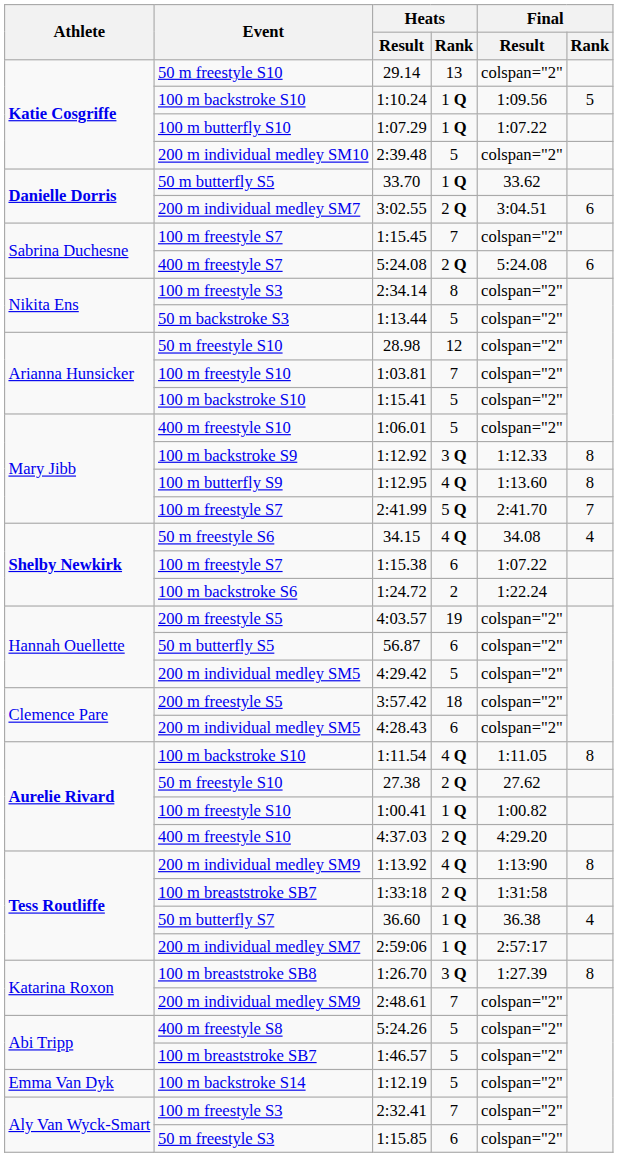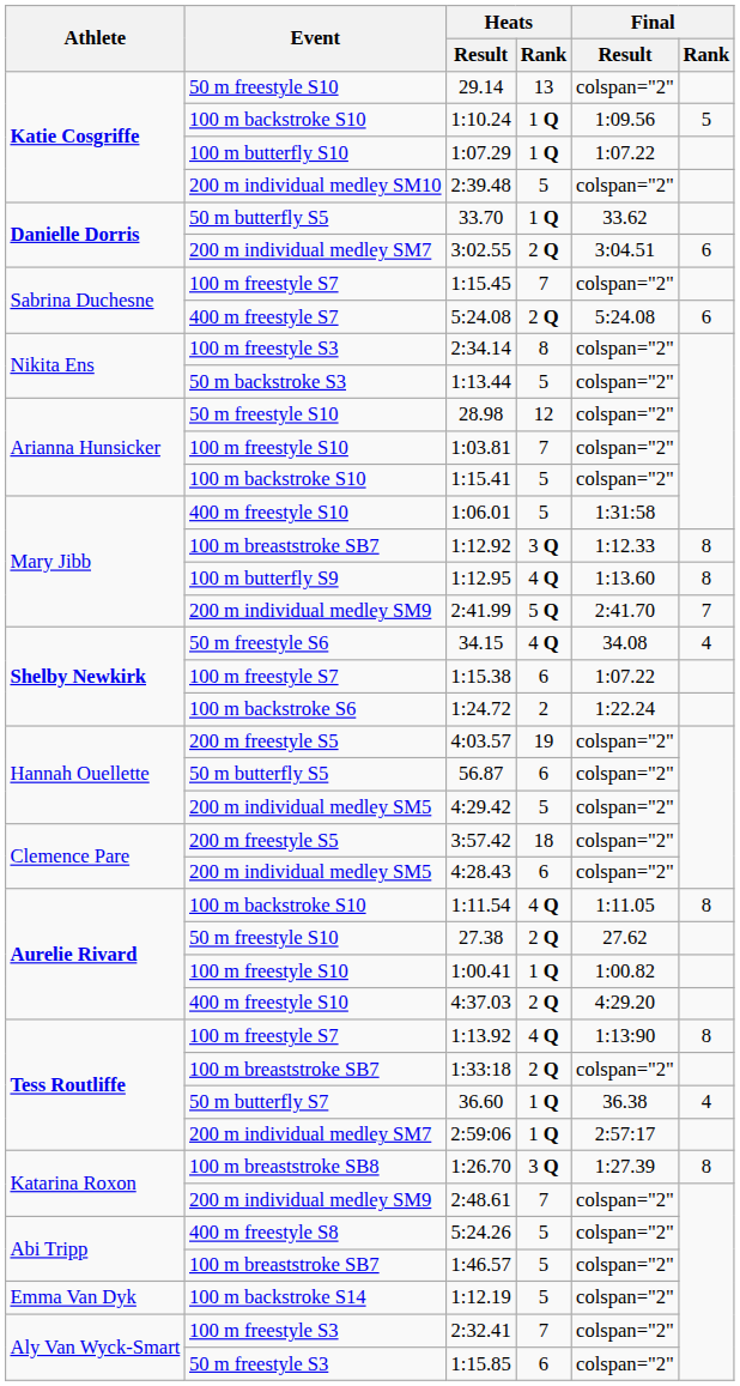 <table class=wikitable style="font-size:90%">
 <tr>
 <th rowspan="2">Athlete</th>
 <th rowspan="2">Event</th>
 <th colspan="2">Heats</th>
 <th colspan="2">Final</th>
 </tr>
 <tr>
 <th>Result</th>
 <th>Rank</th>
 <th>Result</th>
 <th>Rank</th>
 </tr>
 <tr align=center>
 <td align="left" rowspan=4><strong><a href='#'>Katie Cosgriffe</a></strong></td>
 <td align=left><a href='#'>50 m freestyle S10</a></td>
 <td>29.14</td>
 <td>13</td>
 <td>colspan="2"</td>
 </tr>
 <tr align=center>
 <td align=left><a href='#'>100 m backstroke S10</a></td>
 <td>1:10.24</td>
 <td>1 <strong>Q</strong></td>
 <td>1:09.56</td>
 <td>5</td>
 </tr>
 <tr align=center>
 <td align=left><a href='#'>100 m butterfly S10</a></td>
 <td>1:07.29</td>
 <td>1 <strong>Q</strong></td>
 <td>1:07.22</td>
 <td></td>
 </tr>
 <tr align=center>
 <td align=left><a href='#'>200 m individual medley SM10</a></td>
 <td>2:39.48</td>
 <td>5</td>
 <td>colspan="2"</td>
 </tr>
 <tr align=center>
 <td align=left rowspan=2><strong><a href='#'>Danielle Dorris</a></strong></td>
 <td align=left><a href='#'>50 m butterfly S5</a></td>
 <td>33.70</td>
 <td>1 <strong>Q</strong></td>
 <td>33.62</td>
 <td></td>
 </tr>
 <tr align=center>
 <td align=left><a href='#'>200 m individual medley SM7</a></td>
 <td>3:02.55</td>
 <td>2 <strong>Q</strong></td>
 <td>3:04.51</td>
 <td>6</td>
 </tr>
 <tr align=center>
 <td align=left rowspan=2><a href='#'>Sabrina Duchesne</a></td>
 <td align=left><a href='#'>100 m freestyle S7</a></td>
 <td>1:15.45</td>
 <td>7</td>
 <td>colspan="2"</td>
 </tr>
 <tr align=center>
 <td align=left><a href='#'>400 m freestyle S7</a></td>
 <td>5:24.08</td>
 <td>2 <strong>Q</strong></td>
 <td>5:24.08</td>
 <td>6</td>
 </tr>
 <tr align=center>
 <td align=left rowspan=2><a href='#'>Nikita Ens</a></td>
 <td align=left><a href='#'>100 m freestyle S3</a></td>
 <td>2:34.14</td>
 <td>8</td>
 <td>colspan="2"</td>
 </tr>
 <tr align=center>
 <td align=left><a href='#'>50 m backstroke S3</a></td>
 <td>1:13.44</td>
 <td>5</td>
 <td>colspan="2"</td>
 </tr>
 <tr align=center>
 <td align=left rowspan=3><a href='#'>Arianna Hunsicker</a></td>
 <td align=left><a href='#'>50 m freestyle S10</a></td>
 <td>28.98</td>
 <td>12</td>
 <td>colspan="2"</td>
 </tr>
 <tr align=center>
 <td align=left><a href='#'>100 m freestyle S10</a></td>
 <td>1:03.81</td>
 <td>7</td>
 <td>colspan="2"</td>
 </tr>
 <tr align=center>
 <td align=left><a href='#'>100 m backstroke S10</a></td>
 <td>1:15.41</td>
 <td>5</td>
 <td>colspan="2"</td>
 </tr>
 <tr align=center>
 <td align=left rowspan=4><a href='#'>Mary Jibb</a></td>
 <td align=left><a href='#'>400 m freestyle S10</a></td>
 <td>1:06.01</td>
 <td>5</td>
-<td>colspan="2"</td>
+<td>1:31:58</td>
 </tr>
 <tr align=center>
-<td align=left><a href='#'>100 m backstroke S9</a></td>
+<td align=left><a href='#'>100 m breaststroke SB7</a></td>
 <td>1:12.92</td>
 <td>3 <strong>Q</strong></td>
 <td>1:12.33</td>
 <td>8</td>
 </tr>
 <tr align=center>
 <td align=left><a href='#'>100 m butterfly S9</a></td>
 <td>1:12.95</td>
 <td>4 <strong>Q</strong></td>
 <td>1:13.60</td>
 <td>8</td>
 </tr>
 <tr align=center>
-<td align=left><a href='#'>100 m freestyle S7</a></td>
+<td align=left><a href='#'>200 m individual medley SM9</a></td>
 <td>2:41.99</td>
 <td>5 <strong>Q</strong></td>
 <td>2:41.70</td>
 <td>7</td>
 </tr>
 <tr align=center>
 <td align=left rowspan=3><strong><a href='#'>Shelby Newkirk</a></strong></td>
 <td align=left><a href='#'>50 m freestyle S6</a></td>
 <td>34.15</td>
 <td>4 <strong>Q</strong></td>
 <td>34.08</td>
 <td>4</td>
 </tr>
 <tr align=center>
 <td align=left><a href='#'>100 m freestyle S7</a></td>
 <td>1:15.38</td>
 <td>6</td>
 <td>1:07.22</td>
 </tr>
 <tr align=center>
 <td align=left><a href='#'>100 m backstroke S6</a></td>
 <td>1:24.72</td>
 <td>2</td>
 <td>1:22.24</td>
 <td></td>
 </tr>
 <tr align=center>
 <td align=left rowspan=3><a href='#'>Hannah Ouellette</a></td>
 <td align=left><a href='#'>200 m freestyle S5</a></td>
 <td>4:03.57</td>
 <td>19</td>
 <td>colspan="2"</td>
 </tr>
 <tr align=center>
 <td align=left><a href='#'>50 m butterfly S5</a></td>
 <td>56.87</td>
 <td>6</td>
 <td>colspan="2"</td>
 </tr>
 <tr align=center>
 <td align=left><a href='#'>200 m individual medley SM5</a></td>
 <td>4:29.42</td>
 <td>5</td>
 <td>colspan="2"</td>
 </tr>
 <tr align=center>
 <td align=left rowspan=2><a href='#'>Clemence Pare</a></td>
 <td align=left><a href='#'>200 m freestyle S5</a></td>
 <td>3:57.42</td>
 <td>18</td>
 <td>colspan="2"</td>
 </tr>
 <tr align=center>
 <td align=left><a href='#'>200 m individual medley SM5</a></td>
 <td>4:28.43</td>
 <td>6</td>
 <td>colspan="2"</td>
 </tr>
 <tr align=center>
 <td align=left rowspan=4><strong><a href='#'>Aurelie Rivard</a></strong></td>
 <td align=left><a href='#'>100 m backstroke S10</a></td>
 <td>1:11.54</td>
 <td>4 <strong>Q</strong></td>
 <td>1:11.05</td>
 <td>8</td>
 </tr>
 <tr align=center>
 <td align=left><a href='#'>50 m freestyle S10</a></td>
 <td>27.38</td>
 <td>2 <strong>Q</strong></td>
 <td>27.62</td>
 <td></td>
 </tr>
 <tr align=center>
 <td align=left><a href='#'>100 m freestyle S10</a></td>
 <td>1:00.41</td>
 <td>1 <strong>Q</strong></td>
 <td>1:00.82</td>
 <td></td>
 </tr>
 <tr align=center>
 <td align=left><a href='#'>400 m freestyle S10</a></td>
 <td>4:37.03</td>
 <td>2 <strong>Q</strong></td>
 <td>4:29.20</td>
 <td></td>
 </tr>
 <tr align=center>
 <td align=left rowspan=4><strong><a href='#'>Tess Routliffe</a></strong></td>
-<td align=left><a href='#'>200 m individual medley SM9</a></td>
+<td align=left><a href='#'>100 m freestyle S7</a></td>
 <td>1:13.92</td>
 <td>4 <strong>Q</strong></td>
 <td>1:13:90</td>
 <td>8</td>
 </tr>
 <tr align=center>
 <td align=left><a href='#'>100 m breaststroke SB7</a></td>
 <td>1:33:18</td>
 <td>2 <strong>Q</strong></td>
-<td>1:31:58</td>
+<td>colspan="2"</td>
 <td></td>
 </tr>
 <tr align=center>
 <td align=left><a href='#'>50 m butterfly S7</a></td>
 <td>36.60</td>
 <td>1 <strong>Q</strong></td>
 <td>36.38</td>
 <td>4</td>
 </tr>
 <tr align=center>
 <td align=left><a href='#'>200 m individual medley SM7</a></td>
 <td>2:59:06</td>
 <td>1 <strong>Q</strong></td>
 <td>2:57:17</td>
 <td></td>
 </tr>
 <tr align=center>
 <td align=left rowspan=2><a href='#'>Katarina Roxon</a></td>
 <td align=left><a href='#'>100 m breaststroke SB8</a></td>
 <td>1:26.70</td>
 <td>3 <strong>Q</strong></td>
 <td>1:27.39</td>
 <td>8</td>
 </tr>
 <tr align=center>
 <td align=left><a href='#'>200 m individual medley SM9</a></td>
 <td>2:48.61</td>
 <td>7</td>
 <td>colspan="2"</td>
 </tr>
 <tr align=center>
 <td align=left rowspan=2><a href='#'>Abi Tripp</a></td>
 <td align=left><a href='#'>400 m freestyle S8</a></td>
 <td>5:24.26</td>
 <td>5</td>
 <td>colspan="2"</td>
 </tr>
 <tr align=center>
 <td align=left><a href='#'>100 m breaststroke SB7</a></td>
 <td>1:46.57</td>
 <td>5</td>
 <td>colspan="2"</td>
 </tr>
 <tr align=center>
 <td align=left><a href='#'>Emma Van Dyk</a></td>
 <td align=left><a href='#'>100 m backstroke S14</a></td>
 <td>1:12.19</td>
 <td>5</td>
 <td>colspan="2"</td>
 </tr>
 <tr align=center>
 <td align=left rowspan=2><a href='#'>Aly Van Wyck-Smart</a></td>
 <td align=left><a href='#'>100 m freestyle S3</a></td>
 <td>2:32.41</td>
 <td>7</td>
 <td>colspan="2"</td>
 </tr>
 <tr align=center>
 <td align=left><a href='#'>50 m freestyle S3</a></td>
 <td>1:15.85</td>
 <td>6</td>
 <td>colspan="2"</td>
 </tr>
 </table>
